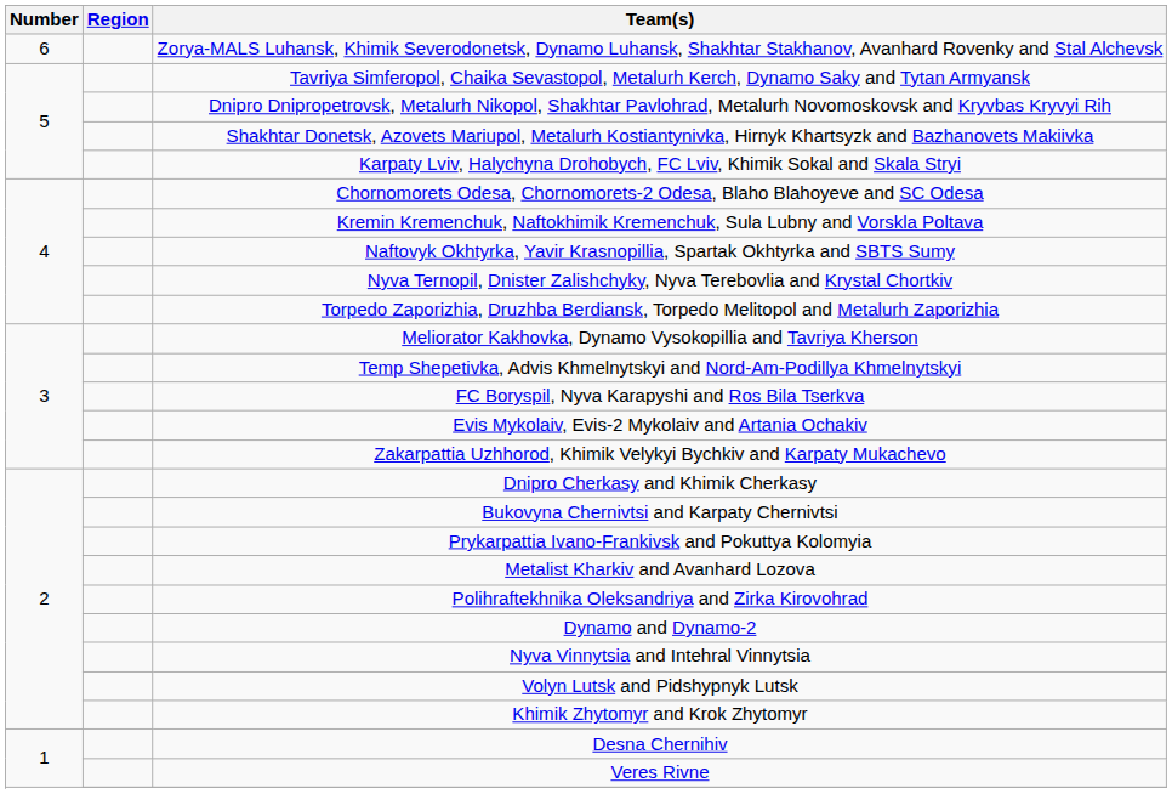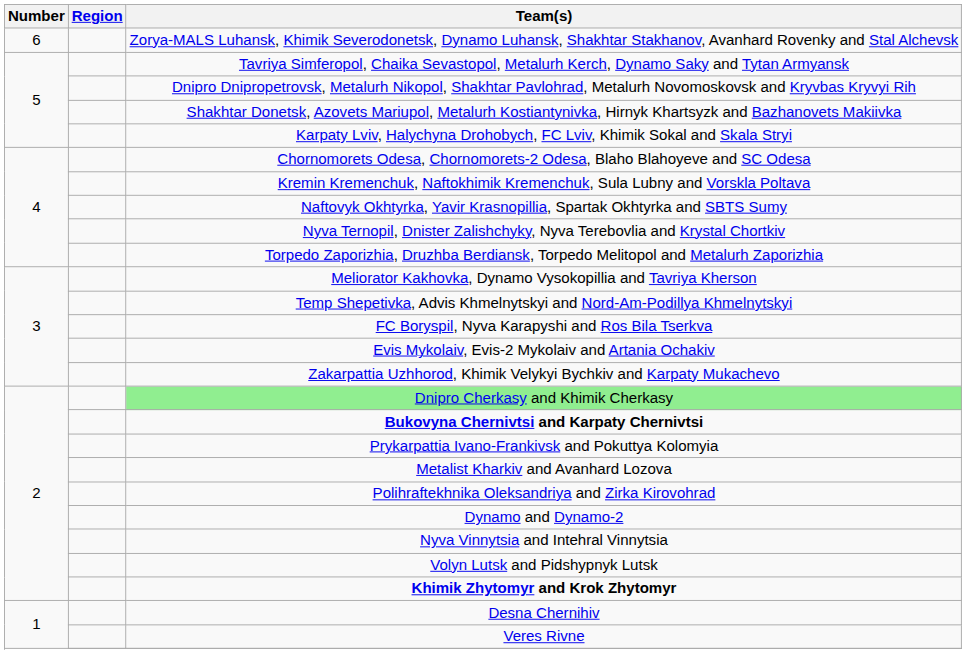 <table class="wikitable" style="text-align:center">
 <tr>
 <th>Number</th>
 <th><a href='#'>Region</a></th>
 <th>Team(s)</th>
 </tr>
 <tr>
 <td rowspan="1">6</td>
 <td align="left"></td>
 <td><a href='#'>Zorya-MALS Luhansk</a>, <a href='#'>Khimik Severodonetsk</a>, <a href='#'>Dynamo Luhansk</a>, <a href='#'>Shakhtar Stakhanov</a>, Avanhard Rovenky and <a href='#'>Stal Alchevsk</a></td>
 </tr>
 <tr>
 <td rowspan="4">5</td>
 <td align="left"></td>
 <td><a href='#'>Tavriya Simferopol</a>, <a href='#'>Chaika Sevastopol</a>, <a href='#'>Metalurh Kerch</a>, <a href='#'>Dynamo Saky</a> and <a href='#'>Tytan Armyansk</a></td>
 </tr>
 <tr>
 <td align="left"></td>
 <td><a href='#'>Dnipro Dnipropetrovsk</a>, <a href='#'>Metalurh Nikopol</a>, <a href='#'>Shakhtar Pavlohrad</a>, Metalurh Novomoskovsk and <a href='#'>Kryvbas Kryvyi Rih</a></td>
 </tr>
 <tr>
 <td align="left"></td>
 <td><a href='#'>Shakhtar Donetsk</a>, <a href='#'>Azovets Mariupol</a>, <a href='#'>Metalurh Kostiantynivka</a>, Hirnyk Khartsyzk and <a href='#'>Bazhanovets Makiivka</a></td>
 </tr>
 <tr>
 <td align="left"></td>
 <td><a href='#'>Karpaty Lviv</a>, <a href='#'>Halychyna Drohobych</a>, <a href='#'>FC Lviv</a>, Khimik Sokal and <a href='#'>Skala Stryi</a></td>
 </tr>
 <tr>
 <td rowspan="5">4</td>
 <td align="left"></td>
 <td><a href='#'>Chornomorets Odesa</a>, <a href='#'>Chornomorets-2 Odesa</a>, Blaho Blahoyeve and <a href='#'>SC Odesa</a></td>
 </tr>
 <tr>
 <td align="left"></td>
 <td><a href='#'>Kremin Kremenchuk</a>, <a href='#'>Naftokhimik Kremenchuk</a>, Sula Lubny and <a href='#'>Vorskla Poltava</a></td>
 </tr>
 <tr>
 <td align="left"></td>
 <td><a href='#'>Naftovyk Okhtyrka</a>, <a href='#'>Yavir Krasnopillia</a>, Spartak Okhtyrka and <a href='#'>SBTS Sumy</a></td>
 </tr>
 <tr>
 <td align="left"></td>
 <td><a href='#'>Nyva Ternopil</a>, <a href='#'>Dnister Zalishchyky</a>, Nyva Terebovlia and <a href='#'>Krystal Chortkiv</a></td>
 </tr>
 <tr>
 <td align="left"></td>
 <td><a href='#'>Torpedo Zaporizhia</a>, <a href='#'>Druzhba Berdiansk</a>, Torpedo Melitopol and <a href='#'>Metalurh Zaporizhia</a></td>
 </tr>
 <tr>
 <td rowspan="5">3</td>
 <td align="left"></td>
 <td><a href='#'>Meliorator Kakhovka</a>, Dynamo Vysokopillia and <a href='#'>Tavriya Kherson</a></td>
 </tr>
 <tr>
 <td align="left"></td>
 <td><a href='#'>Temp Shepetivka</a>, Advis Khmelnytskyi and <a href='#'>Nord-Am-Podillya Khmelnytskyi</a></td>
 </tr>
 <tr>
 <td align="left"></td>
 <td><a href='#'>FC Boryspil</a>, Nyva Karapyshi and <a href='#'>Ros Bila Tserkva</a></td>
 </tr>
 <tr>
 <td align="left"></td>
 <td><a href='#'>Evis Mykolaiv</a>, Evis-2 Mykolaiv and <a href='#'>Artania Ochakiv</a></td>
 </tr>
 <tr>
 <td align="left"></td>
 <td><a href='#'>Zakarpattia Uzhhorod</a>, Khimik Velykyi Bychkiv and <a href='#'>Karpaty Mukachevo</a></td>
 </tr>
 <tr>
 <td rowspan="9">2</td>
 <td align="left"></td>
-<td><a href='#'>Dnipro Cherkasy</a> and Khimik Cherkasy</td>
+<td style="background: lightgreen;"><a href='#'>Dnipro Cherkasy</a> and Khimik Cherkasy</td>
 </tr>
 <tr>
 <td align="left"></td>
-<td><a href='#'>Bukovyna Chernivtsi</a> and Karpaty Chernivtsi</td>
+<td><strong><a href='#'>Bukovyna Chernivtsi</a> and Karpaty Chernivtsi</strong></td>
 </tr>
 <tr>
 <td align="left"></td>
 <td><a href='#'>Prykarpattia Ivano-Frankivsk</a> and Pokuttya Kolomyia</td>
 </tr>
 <tr>
 <td align="left"></td>
 <td><a href='#'>Metalist Kharkiv</a> and Avanhard Lozova</td>
 </tr>
 <tr>
 <td align="left"></td>
 <td><a href='#'>Polihraftekhnika Oleksandriya</a> and <a href='#'>Zirka Kirovohrad</a></td>
 </tr>
 <tr>
 <td align="left"></td>
 <td><a href='#'>Dynamo</a> and <a href='#'>Dynamo-2</a></td>
 </tr>
 <tr>
 <td align="left"></td>
 <td><a href='#'>Nyva Vinnytsia</a> and Intehral Vinnytsia</td>
 </tr>
 <tr>
 <td align="left"></td>
 <td><a href='#'>Volyn Lutsk</a> and Pidshypnyk Lutsk</td>
 </tr>
 <tr>
 <td align="left"></td>
-<td><a href='#'>Khimik Zhytomyr</a> and Krok Zhytomyr</td>
+<td><strong><a href='#'>Khimik Zhytomyr</a> and Krok Zhytomyr</strong></td>
 </tr>
 <tr>
 <td rowspan="30">1</td>
 <td align="left"></td>
 <td><a href='#'>Desna Chernihiv</a></td>
 </tr>
 <tr>
 <td align="left"></td>
 <td><a href='#'>Veres Rivne</a></td>
 </tr>
 <tr>
 </tr>
 </table>
